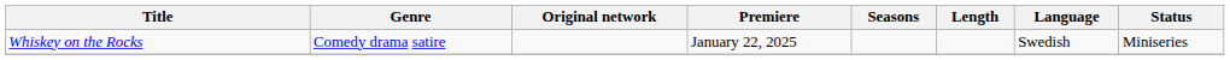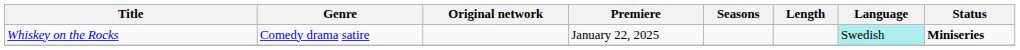 <table class="wikitable sortable" style="width:100%;">
 <tr>
 <th scope="col" style="width:25%;">Title</th>
 <th>Genre</th>
 <th>Original network</th>
 <th>Premiere</th>
 <th>Seasons</th>
 <th>Length</th>
 <th>Language</th>
 <th>Status</th>
 </tr>
 <tr>
 <td><em><a href='#'>Whiskey on the Rocks</a></em></td>
 <td><a href='#'>Comedy drama</a> <a href='#'>satire</a></td>
 <td></td>
 <td>January 22, 2025</td>
 <td></td>
 <td></td>
-<td>Swedish</td>
-<td>Miniseries</td>
+<td style="background: paleturquoise;">Swedish</td>
+<td><strong>Miniseries</strong></td>
 </tr>
 <tr>
 </tr>
 </table>
